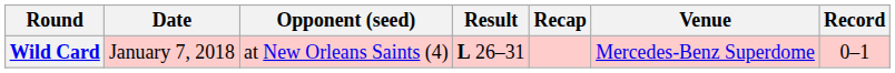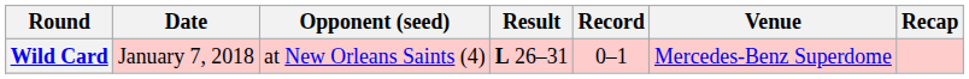 <table class="wikitable" style="text-align:center">
 <tr>
 <th>Round</th>
 <th>Date</th>
 <th>Opponent (seed)</th>
 <th>Result</th>
+<th>Record</th>
+<th>Venue</th>
 <th>Recap</th>
-<th>Venue</th>
-<th>Record</th>
 </tr>
 <tr style="background:#fcc">
 <th><a href='#'>Wild Card</a></th>
 <td>January 7, 2018</td>
 <td>at <a href='#'>New Orleans Saints</a> (4)</td>
 <td><strong>L</strong> 26–31</td>
+<td>0–1</td>
+<td><a href='#'>Mercedes-Benz Superdome</a></td>
 <td></td>
-<td><a href='#'>Mercedes-Benz Superdome</a></td>
-<td>0–1</td>
 </tr>
 </table>
